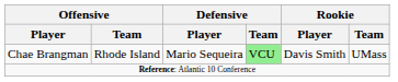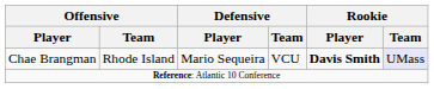 <table class="wikitable">
 <tr>
 <th colspan="2">Offensive</th>
 <th colspan="2">Defensive</th>
 <th colspan="2">Rookie</th>
 </tr>
 <tr>
 <th>Player</th>
 <th>Team</th>
 <th>Player</th>
 <th>Team</th>
 <th>Player</th>
 <th>Team</th>
 </tr>
 <tr>
 <td>Chae Brangman</td>
 <td>Rhode Island</td>
 <td>Mario Sequeira</td>
-<td style="background: lightgreen;">VCU</td>
-<td>Davis Smith</td>
-<td>UMass</td>
+<td>VCU</td>
+<td><strong>Davis Smith</strong></td>
+<td style="background: lavender;">UMass</td>
 </tr>
 <tr>
 <td colspan="12"  style="font-size:8pt; text-align:center;"><strong>Reference</strong>: Atlantic 10 Conference</td>
 </tr>
 </table>
